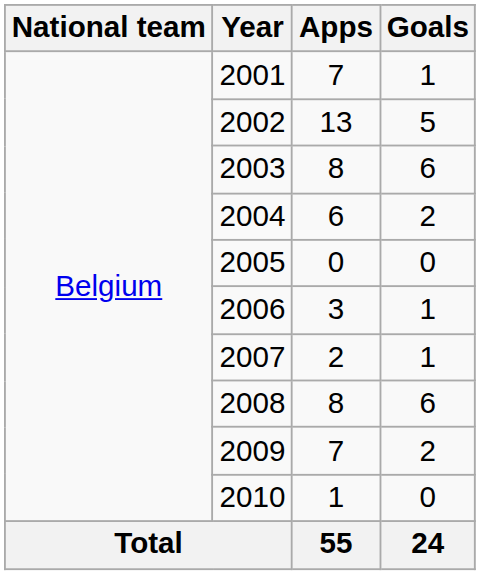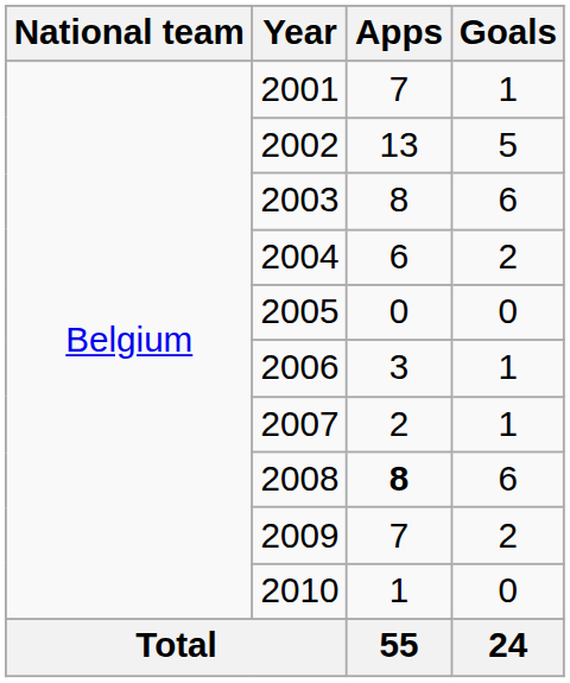 <table class="wikitable" style="text-align:center">
 <tr>
 <th>National team</th>
 <th>Year</th>
 <th>Apps</th>
 <th>Goals</th>
 </tr>
 <tr>
 <td rowspan="10"><a href='#'>Belgium</a></td>
 <td>2001</td>
 <td>7</td>
 <td>1</td>
 </tr>
 <tr>
 <td>2002</td>
 <td>13</td>
 <td>5</td>
 </tr>
 <tr>
 <td>2003</td>
 <td>8</td>
 <td>6</td>
 </tr>
 <tr>
 <td>2004</td>
 <td>6</td>
 <td>2</td>
 </tr>
 <tr>
 <td>2005</td>
 <td>0</td>
 <td>0</td>
 </tr>
 <tr>
 <td>2006</td>
 <td>3</td>
 <td>1</td>
 </tr>
 <tr>
 <td>2007</td>
 <td>2</td>
 <td>1</td>
 </tr>
 <tr>
 <td>2008</td>
-<td>8</td>
+<td><strong>8</strong></td>
 <td>6</td>
 </tr>
 <tr>
 <td>2009</td>
 <td>7</td>
 <td>2</td>
 </tr>
 <tr>
 <td>2010</td>
 <td>1</td>
 <td>0</td>
 </tr>
 <tr>
 <th colspan="2">Total</th>
 <th>55</th>
 <th>24</th>
 </tr>
 </table>
